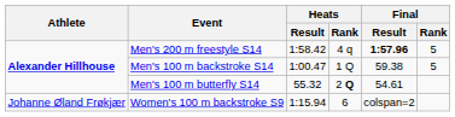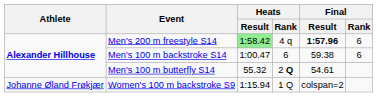 <table class=wikitable style="font-size:90%">
 <tr>
 <th rowspan="2">Athlete</th>
 <th rowspan="2">Event</th>
 <th colspan="2">Heats</th>
 <th colspan="2">Final</th>
 </tr>
 <tr>
 <th>Result</th>
 <th>Rank</th>
 <th>Result</th>
 <th>Rank</th>
 </tr>
 <tr align=center>
 <td align=left rowspan=3><strong><a href='#'>Alexander Hillhouse</a></strong></td>
 <td align=left><a href='#'>Men's 200 m freestyle S14</a></td>
-<td>1:58.42</td>
+<td style="background: lightgreen;">1:58.42</td>
 <td>4 q</td>
 <td><strong>1:57.96</strong></td>
-<td>5</td>
+<td>6</td>
 </tr>
 <tr align=center>
 <td align=left><a href='#'>Men's 100 m backstroke S14</a></td>
 <td>1:00.47</td>
-<td>1 Q</td>
+<td>6</td>
 <td>59.38</td>
-<td>5</td>
+<td>6</td>
 </tr>
 <tr align=center>
 <td align=left><a href='#'>Men's 100 m butterfly S14</a></td>
 <td>55.32</td>
 <td>2 <strong>Q</strong></td>
 <td>54.61</td>
 <td></td>
 </tr>
 <tr align=center>
 <td align=left><a href='#'>Johanne Øland Frøkjær</a></td>
 <td align=left><a href='#'>Women's 100 m backstroke S9</a></td>
 <td>1:15.94</td>
-<td>6</td>
+<td>1 Q</td>
 <td>colspan=2 </td>
 </tr>
 </table>
